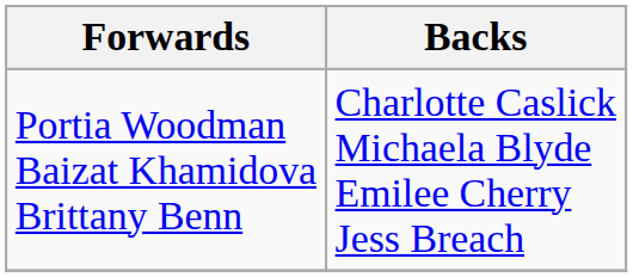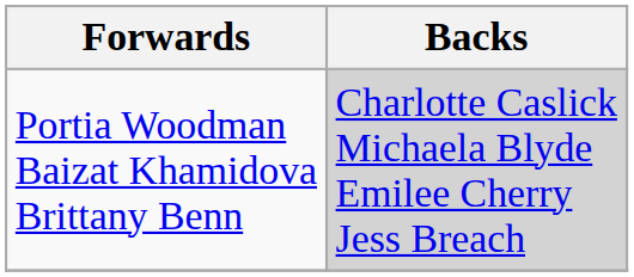 <table class=wikitable style="text-align: left;">
 <tr>
 <th align=center>Forwards</th>
 <th align=center>Backs</th>
 </tr>
 <tr>
 <td> <a href='#'>Portia Woodman</a> <br>  <a href='#'>Baizat Khamidova</a> <br>  <a href='#'>Brittany Benn</a></td>
-<td> <a href='#'>Charlotte Caslick</a> <br>  <a href='#'>Michaela Blyde</a> <br>  <a href='#'>Emilee Cherry</a> <br>  <a href='#'>Jess Breach</a></td>
+<td style="background: lightgrey;"> <a href='#'>Charlotte Caslick</a> <br>  <a href='#'>Michaela Blyde</a> <br>  <a href='#'>Emilee Cherry</a> <br>  <a href='#'>Jess Breach</a></td>
 </tr>
 <tr>
 </tr>
 </table>
